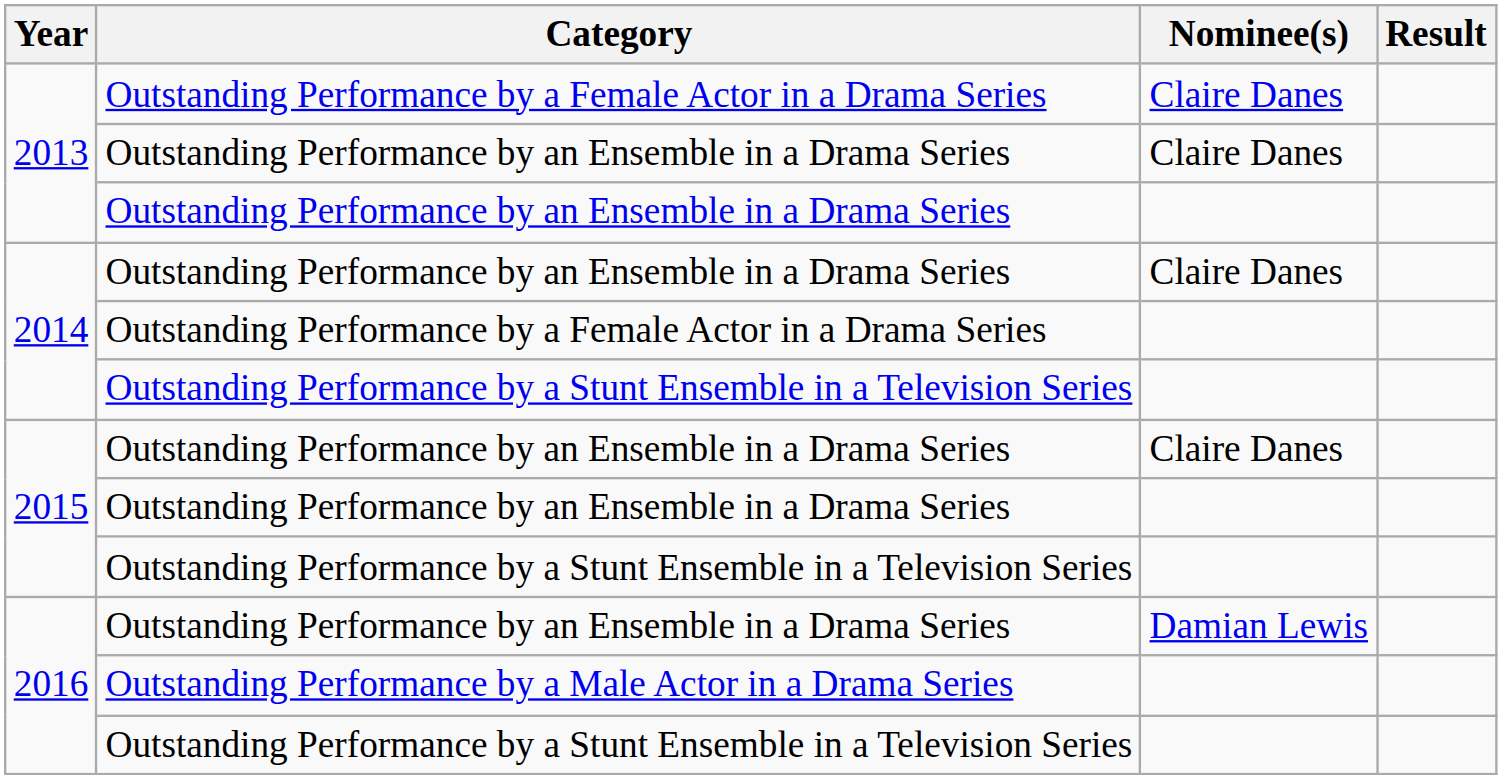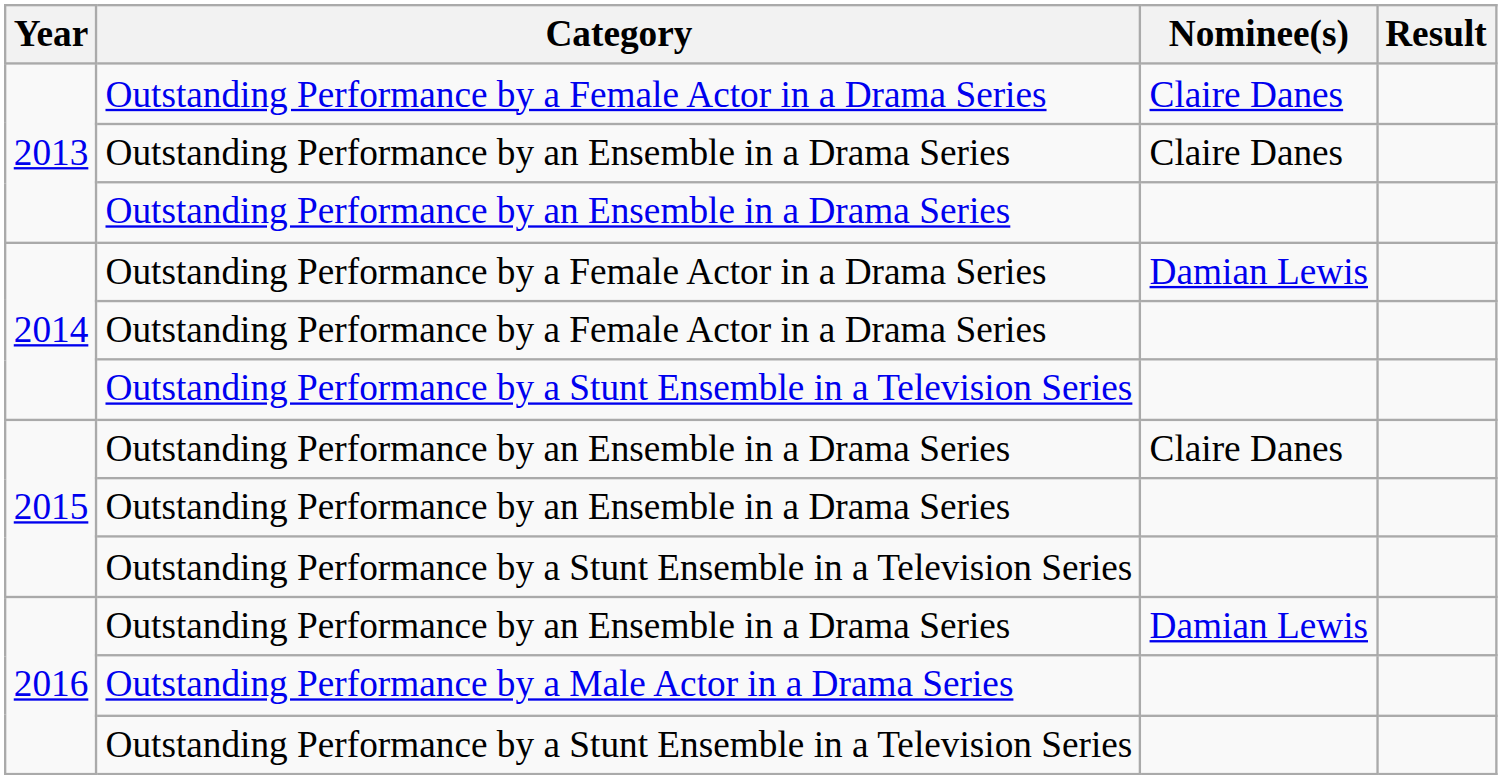 <table class="wikitable">
 <tr>
 <th>Year</th>
 <th>Category</th>
 <th>Nominee(s)</th>
 <th>Result</th>
 </tr>
 <tr>
 <td rowspan="3"><a href='#'>2013</a></td>
 <td><a href='#'>Outstanding Performance by a Female Actor in a Drama Series</a></td>
 <td><a href='#'>Claire Danes</a></td>
 <td></td>
 </tr>
 <tr>
 <td>Outstanding Performance by an Ensemble in a Drama Series</td>
 <td>Claire Danes</td>
 <td></td>
 </tr>
 <tr>
 <td><a href='#'>Outstanding Performance by an Ensemble in a Drama Series</a></td>
 <td></td>
 <td></td>
 </tr>
 <tr>
 <td rowspan=3><a href='#'>2014</a></td>
-<td>Outstanding Performance by an Ensemble in a Drama Series</td>
-<td>Claire Danes</td>
+<td>Outstanding Performance by a Female Actor in a Drama Series</td>
+<td><a href='#'>Damian Lewis</a></td>
 <td></td>
 </tr>
 <tr>
 <td>Outstanding Performance by a Female Actor in a Drama Series</td>
 <td></td>
 <td></td>
 </tr>
 <tr>
 <td><a href='#'>Outstanding Performance by a Stunt Ensemble in a Television Series</a></td>
 <td></td>
 <td></td>
 </tr>
 <tr>
 <td rowspan=3><a href='#'>2015</a></td>
 <td>Outstanding Performance by an Ensemble in a Drama Series</td>
 <td>Claire Danes</td>
 <td></td>
 </tr>
 <tr>
 <td>Outstanding Performance by an Ensemble in a Drama Series</td>
 <td></td>
 <td></td>
 </tr>
 <tr>
 <td>Outstanding Performance by a Stunt Ensemble in a Television Series</td>
 <td></td>
 <td></td>
 </tr>
 <tr>
 <td rowspan=3><a href='#'>2016</a></td>
 <td>Outstanding Performance by an Ensemble in a Drama Series</td>
 <td><a href='#'>Damian Lewis</a></td>
 <td></td>
 </tr>
 <tr>
 <td><a href='#'>Outstanding Performance by a Male Actor in a Drama Series</a></td>
 <td></td>
 <td></td>
 </tr>
 <tr>
 <td>Outstanding Performance by a Stunt Ensemble in a Television Series</td>
 <td></td>
 <td></td>
 </tr>
 </table>
